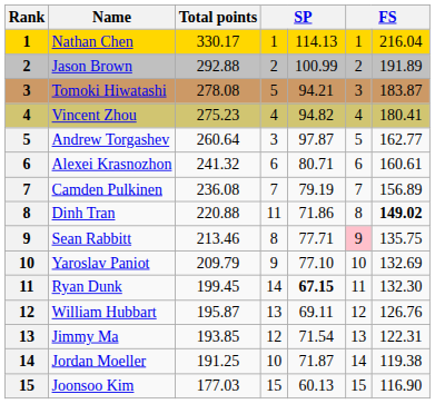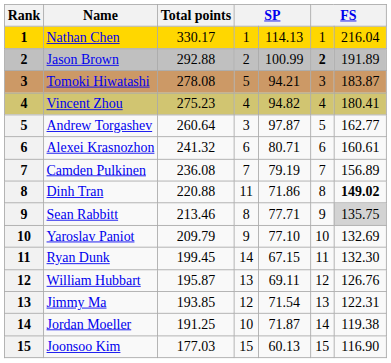 <table class="wikitable sortable">
 <tr>
 <th>Rank</th>
 <th>Name</th>
 <th>Total points</th>
 <th colspan="2" width="80px"><a href='#'>SP</a></th>
 <th colspan="2" width="80px"><a href='#'>FS</a></th>
 </tr>
 <tr bgcolor="gold">
 <td align="center"><strong>1</strong></td>
 <td><a href='#'>Nathan Chen</a></td>
 <td align="center">330.17</td>
 <td align="center">1</td>
 <td align="center">114.13</td>
 <td align="center">1</td>
 <td align="center">216.04</td>
 </tr>
 <tr bgcolor="silver">
 <td align="center"><strong>2</strong></td>
 <td><a href='#'>Jason Brown</a></td>
 <td align="center">292.88</td>
 <td align="center">2</td>
 <td align="center">100.99</td>
-<td align="center">2</td>
+<td align="center"><strong>2</strong></td>
 <td align="center">191.89</td>
 </tr>
 <tr bgcolor="cc9966">
 <td align="center"><strong>3</strong></td>
 <td><a href='#'>Tomoki Hiwatashi</a></td>
 <td align="center">278.08</td>
 <td align="center">5</td>
 <td align="center">94.21</td>
 <td align="center">3</td>
 <td align="center">183.87</td>
 </tr>
 <tr bgcolor="#d1c571">
 <td align="center"><strong>4</strong></td>
 <td><a href='#'>Vincent Zhou</a></td>
 <td align="center">275.23</td>
 <td align="center">4</td>
 <td align="center">94.82</td>
 <td align="center">4</td>
 <td align="center">180.41</td>
 </tr>
 <tr>
 <th>5</th>
 <td><a href='#'>Andrew Torgashev</a></td>
 <td align="center">260.64</td>
 <td align="center">3</td>
 <td align="center">97.87</td>
 <td align="center">5</td>
 <td align="center">162.77</td>
 </tr>
 <tr>
 <th>6</th>
 <td><a href='#'>Alexei Krasnozhon</a></td>
 <td align="center">241.32</td>
 <td align="center">6</td>
 <td align="center">80.71</td>
 <td align="center">6</td>
 <td align="center">160.61</td>
 </tr>
 <tr>
 <th>7</th>
 <td><a href='#'>Camden Pulkinen</a></td>
 <td align="center">236.08</td>
 <td align="center">7</td>
 <td align="center">79.19</td>
 <td align="center">7</td>
 <td align="center">156.89</td>
 </tr>
 <tr>
 <th>8</th>
 <td><a href='#'>Dinh Tran</a></td>
 <td align="center">220.88</td>
 <td align="center">11</td>
 <td align="center">71.86</td>
 <td align="center">8</td>
 <td align="center"><strong>149.02</strong></td>
 </tr>
 <tr>
 <th>9</th>
 <td><a href='#'>Sean Rabbitt</a></td>
 <td align="center">213.46</td>
 <td align="center">8</td>
 <td align="center">77.71</td>
-<td align="center" style="background: pink;">9</td>
-<td align="center">135.75</td>
+<td align="center">9</td>
+<td align="center" style="background: lightgrey;">135.75</td>
 </tr>
 <tr>
 <th>10</th>
 <td><a href='#'>Yaroslav Paniot</a></td>
 <td align="center">209.79</td>
 <td align="center">9</td>
 <td align="center">77.10</td>
 <td align="center">10</td>
 <td align="center">132.69</td>
 </tr>
 <tr>
 <th>11</th>
 <td><a href='#'>Ryan Dunk</a></td>
 <td align="center">199.45</td>
 <td align="center">14</td>
-<td align="center"><strong>67.15</strong></td>
+<td align="center">67.15</td>
 <td align="center">11</td>
 <td align="center">132.30</td>
 </tr>
 <tr>
 <th>12</th>
 <td><a href='#'>William Hubbart</a></td>
 <td align="center">195.87</td>
 <td align="center">13</td>
 <td align="center">69.11</td>
 <td align="center">12</td>
 <td align="center">126.76</td>
 </tr>
 <tr>
 <th>13</th>
 <td><a href='#'>Jimmy Ma</a></td>
 <td align="center">193.85</td>
 <td align="center">12</td>
 <td align="center">71.54</td>
 <td align="center">13</td>
 <td align="center">122.31</td>
 </tr>
 <tr>
 <th>14</th>
 <td><a href='#'>Jordan Moeller</a></td>
 <td align="center">191.25</td>
 <td align="center">10</td>
 <td align="center">71.87</td>
 <td align="center">14</td>
 <td align="center">119.38</td>
 </tr>
 <tr>
 <th>15</th>
 <td><a href='#'>Joonsoo Kim</a></td>
 <td align="center">177.03</td>
 <td align="center">15</td>
 <td align="center">60.13</td>
 <td align="center">15</td>
 <td align="center">116.90</td>
 </tr>
 </table>
